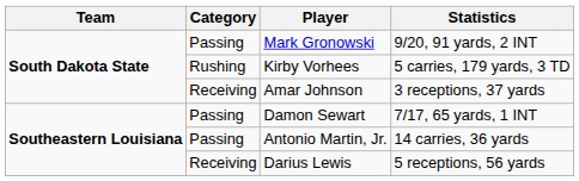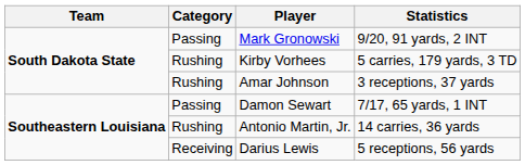 <table class="wikitable" style="float: left;">
 <tr>
 <th>Team</th>
 <th>Category</th>
 <th>Player</th>
 <th>Statistics</th>
 </tr>
 <tr>
 <td rowspan=3><strong>South Dakota State</strong></td>
 <td>Passing</td>
 <td><a href='#'>Mark Gronowski</a></td>
 <td>9/20, 91 yards, 2 INT</td>
 </tr>
 <tr>
 <td>Rushing</td>
 <td>Kirby Vorhees</td>
 <td>5 carries, 179 yards, 3 TD</td>
 </tr>
 <tr>
-<td>Receiving</td>
+<td>Rushing</td>
 <td>Amar Johnson</td>
 <td>3 receptions, 37 yards</td>
 </tr>
 <tr>
 <td rowspan=3><strong>Southeastern Louisiana</strong></td>
 <td>Passing</td>
 <td>Damon Sewart</td>
 <td>7/17, 65 yards, 1 INT</td>
 </tr>
 <tr>
-<td>Passing</td>
+<td>Rushing</td>
 <td>Antonio Martin, Jr.</td>
 <td>14 carries, 36 yards</td>
 </tr>
 <tr>
 <td>Receiving</td>
 <td>Darius Lewis</td>
 <td>5 receptions, 56 yards</td>
 </tr>
 </table>
